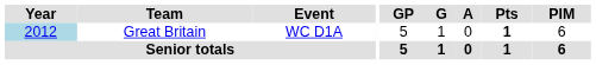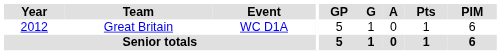 <table border="0" cellpadding="1" cellspacing="0" ID="Table3" style="text-align:center; width:40em">
 <tr bgcolor="#e0e0e0">
 <th>Year</th>
 <th>Team</th>
 <th>Event</th>
 <th rowspan="102" bgcolor="#ffffff"></th>
 <th>GP</th>
 <th>G</th>
 <th>A</th>
 <th>Pts</th>
 <th>PIM</th>
 </tr>
 <tr>
-<td style="background: lightblue;"><a href='#'>2012</a></td>
+<td><a href='#'>2012</a></td>
 <td><a href='#'>Great Britain</a></td>
 <td><a href='#'>WC D1A</a></td>
 <td>5</td>
 <td>1</td>
 <td>0</td>
-<td><strong>1</strong></td>
+<td>1</td>
 <td>6</td>
 </tr>
 <tr bgcolor="#e0e0e0">
 <th colspan="3">Senior totals</th>
 <th>5</th>
 <th>1</th>
 <th>0</th>
 <th>1</th>
 <th>6</th>
 </tr>
 </table>
